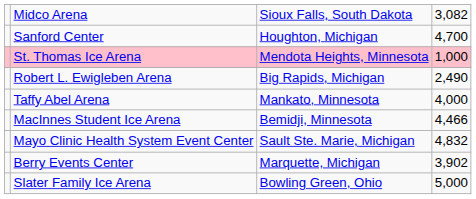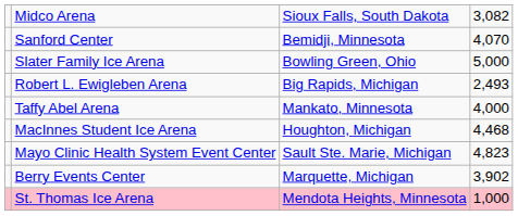 <table class="wikitable sortable">
 <tr>
 <td><a href='#'></a></td>
 <td><a href='#'>Midco Arena</a></td>
 <td><a href='#'>Sioux Falls, South Dakota</a></td>
 <td>3,082</td>
 </tr>
 <tr>
 <td><a href='#'></a></td>
 <td><a href='#'>Sanford Center</a></td>
-<td><a href='#'>Houghton, Michigan</a></td>
-<td>4,700</td>
+<td><a href='#'>Bemidji, Minnesota</a></td>
+<td>4,070</td>
 </tr>
-<tr bgcolor=pink>
+<tr>
 <td><a href='#'></a></td>
-<td><a href='#'>St. Thomas Ice Arena</a></td>
-<td><a href='#'>Mendota Heights, Minnesota</a></td>
-<td>1,000</td>
+<td><a href='#'>Slater Family Ice Arena</a></td>
+<td><a href='#'>Bowling Green, Ohio</a></td>
+<td>5,000</td>
 </tr>
 <tr>
 <td><a href='#'></a></td>
 <td><a href='#'>Robert L. Ewigleben Arena</a></td>
 <td><a href='#'>Big Rapids, Michigan</a></td>
-<td>2,490</td>
+<td>2,493</td>
 </tr>
 <tr>
 <td><a href='#'></a></td>
 <td><a href='#'>Taffy Abel Arena</a></td>
 <td><a href='#'>Mankato, Minnesota</a></td>
 <td>4,000</td>
 </tr>
 <tr>
 <td><a href='#'></a></td>
 <td><a href='#'>MacInnes Student Ice Arena</a></td>
-<td><a href='#'>Bemidji, Minnesota</a></td>
-<td>4,466</td>
+<td><a href='#'>Houghton, Michigan</a></td>
+<td>4,468</td>
 </tr>
 <tr>
 <td><a href='#'></a></td>
 <td><a href='#'>Mayo Clinic Health System Event Center</a></td>
 <td><a href='#'>Sault Ste. Marie, Michigan</a></td>
-<td>4,832</td>
+<td>4,823</td>
 </tr>
 <tr>
 <td><a href='#'></a></td>
 <td><a href='#'>Berry Events Center</a></td>
 <td><a href='#'>Marquette, Michigan</a></td>
 <td>3,902</td>
 </tr>
-<tr>
+<tr bgcolor=pink>
 <td><a href='#'></a></td>
-<td><a href='#'>Slater Family Ice Arena</a></td>
-<td><a href='#'>Bowling Green, Ohio</a></td>
-<td>5,000</td>
+<td><a href='#'>St. Thomas Ice Arena</a></td>
+<td><a href='#'>Mendota Heights, Minnesota</a></td>
+<td>1,000</td>
 </tr>
 </table>
